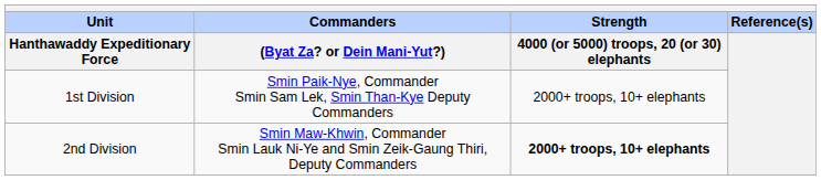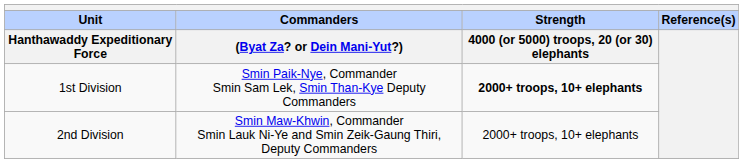 <table class="wikitable collapsible" style="min-width:60em; margin:0.3em auto; font-size:88%;">
 <tr>
 <th colspan=5></th>
 </tr>
 <tr>
 <th style="background-color:#B9D1FF">Unit</th>
 <th style="background-color:#B9D1FF">Commanders</th>
 <th style="background-color:#B9D1FF">Strength</th>
 <th style="background-color:#B9D1FF">Reference(s)</th>
 </tr>
 <tr>
 <th colspan="1">Hanthawaddy Expeditionary Force</th>
 <th colspan="1">(<a href='#'>Byat Za</a>? or <a href='#'>Dein Mani-Yut</a>?)</th>
 <th colspan="1">4000 (or 5000) troops, 20 (or 30) elephants</th>
 <th rowspan="3"></th>
 </tr>
 <tr>
 <td align="center">1st Division</td>
 <td align="center"><a href='#'>Smin Paik-Nye</a>, Commander <br> Smin Sam Lek, <a href='#'>Smin Than-Kye</a> Deputy Commanders</td>
-<td align="center">2000+ troops, 10+ elephants</td>
+<td align="center"><strong>2000+ troops, 10+ elephants</strong></td>
 </tr>
 <tr>
 <td align="center">2nd Division</td>
 <td align="center"><a href='#'>Smin Maw-Khwin</a>, Commander <br> Smin Lauk Ni-Ye and Smin Zeik-Gaung Thiri, Deputy Commanders</td>
-<td align="center"><strong>2000+ troops, 10+ elephants</strong></td>
+<td align="center">2000+ troops, 10+ elephants</td>
 </tr>
 </table>
